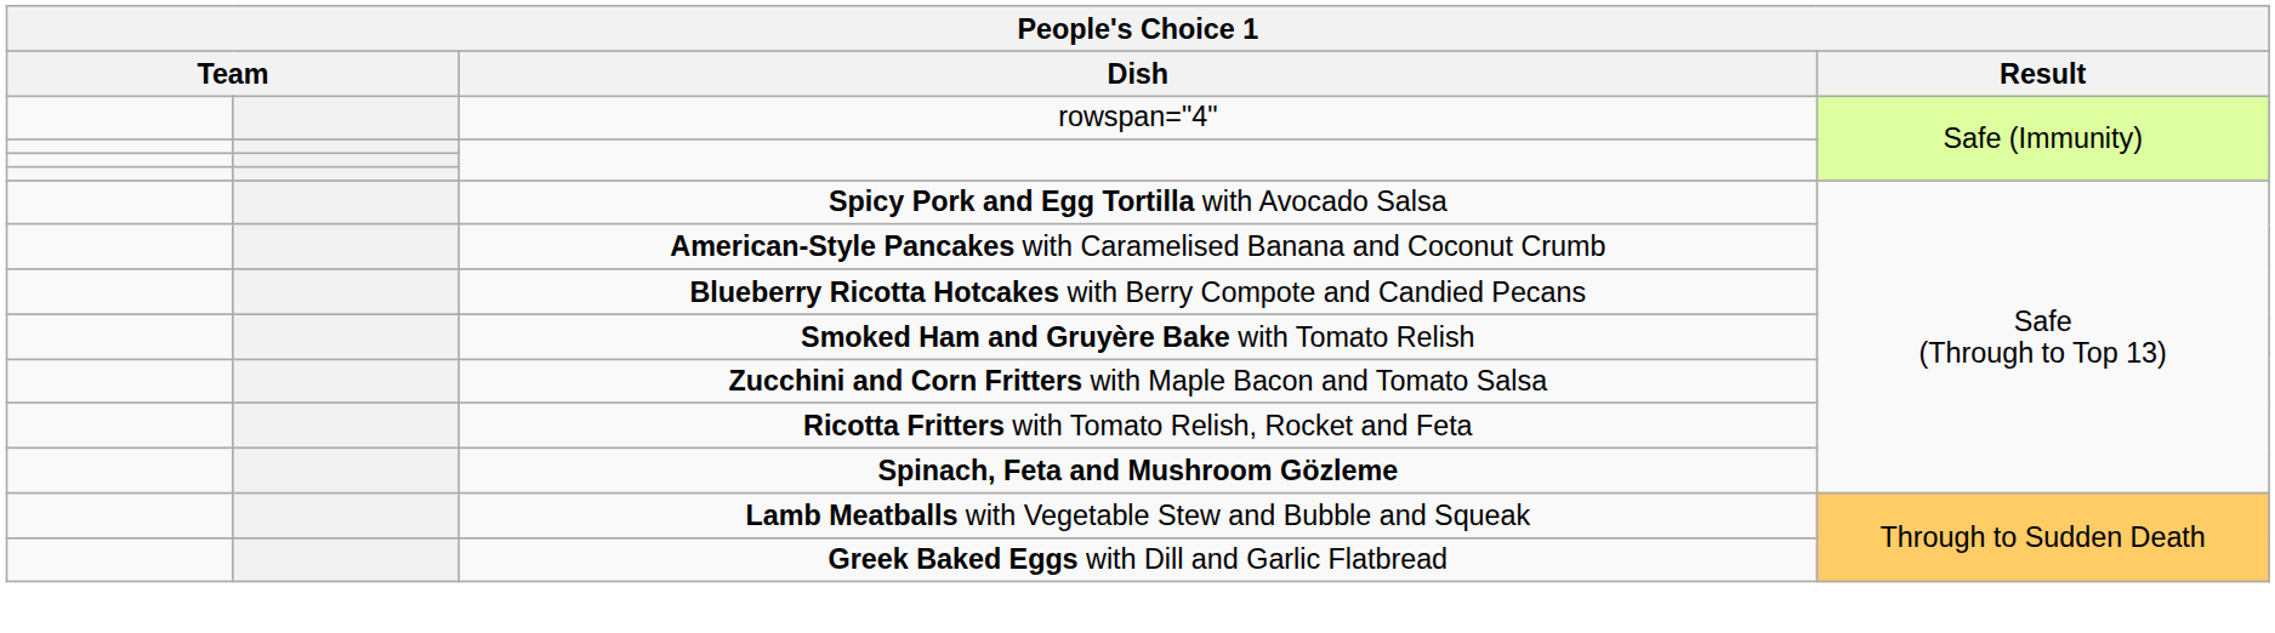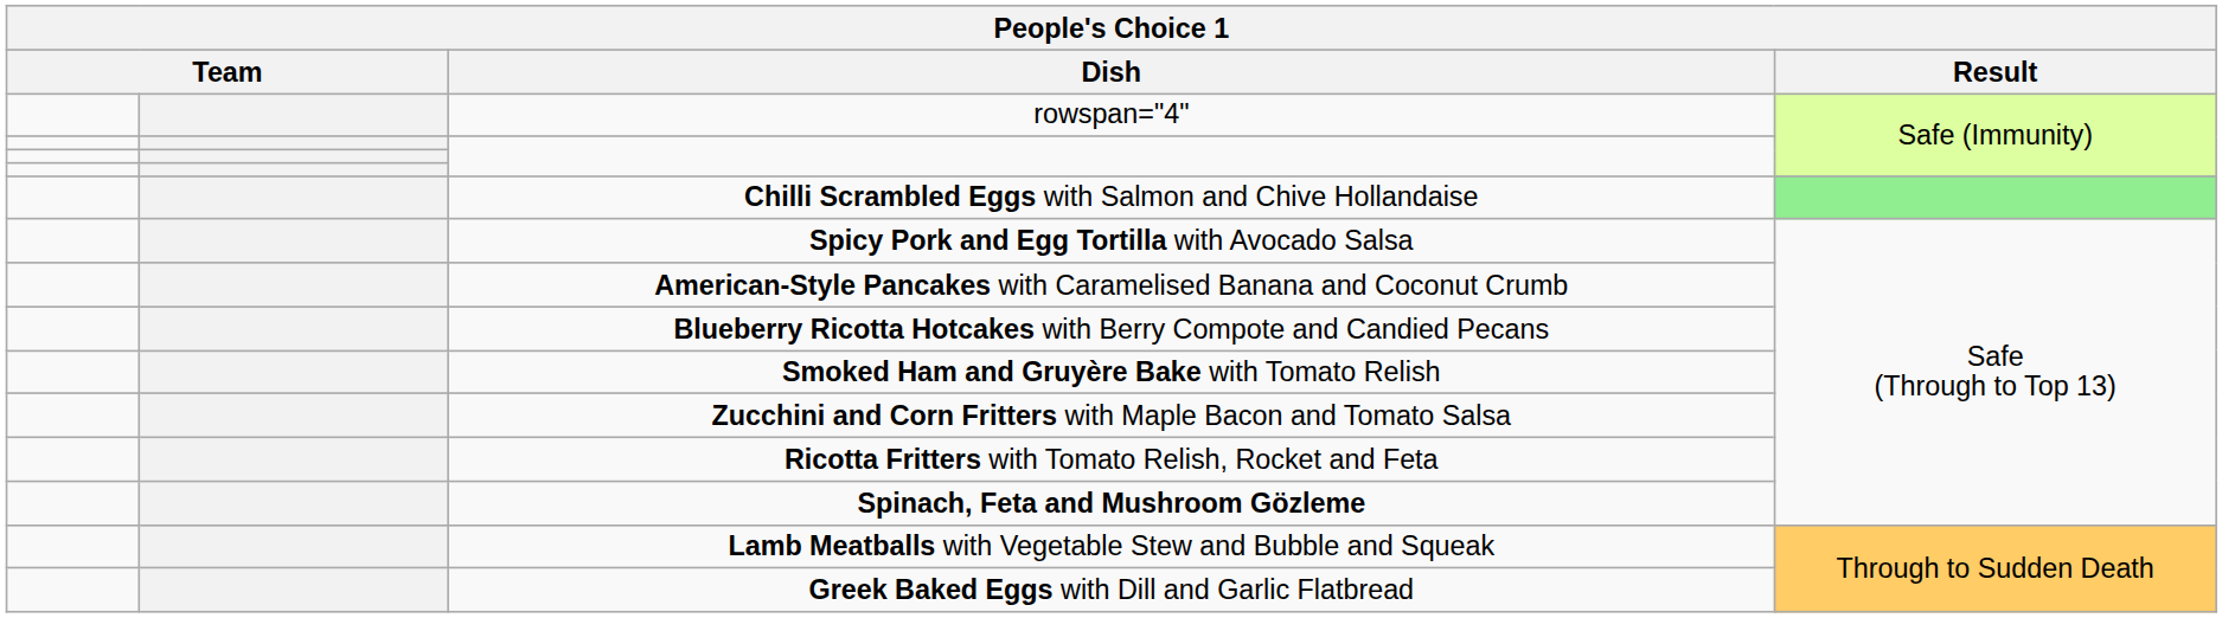 <table class="wikitable plainrowheaders" style="margin:1em auto; text-align:center; font-size:90%; width:80em;">
 <tr>
 <th colspan="4" >People's Choice 1</th>
 </tr>
 <tr>
 <th style="width:20%;" colspan="2">Team</th>
 <th style="width:60%;">Dish</th>
 <th style="width:20%;">Result</th>
 </tr>
 <tr>
 <td></td>
 <th></th>
 <td>rowspan="4" </td>
 <td rowspan="4" bgcolor="DDFF9F">Safe (Immunity)</td>
 </tr>
 <tr>
 <td></td>
 <th></th>
 </tr>
 <tr>
 <td></td>
 <th></th>
 </tr>
 <tr>
 <td></td>
 <th></th>
+</tr>
+<tr>
+<td></td>
+<th style="width:14%;"></th>
+<td><strong>Chilli Scrambled Eggs</strong> with Salmon and Chive Hollandaise</td>
+<td bgcolor="lightgreen"></td>
 </tr>
 <tr>
 <td></td>
 <th></th>
 <td><strong>Spicy Pork and Egg Tortilla</strong> with Avocado Salsa</td>
 <td rowspan="7">Safe <br>(Through to Top 13)</td>
 </tr>
 <tr>
 <td></td>
 <th></th>
 <td><strong>American-Style Pancakes</strong> with Caramelised Banana and Coconut Crumb</td>
 </tr>
 <tr>
 <td></td>
 <th></th>
 <td><strong>Blueberry Ricotta Hotcakes</strong> with Berry Compote and Candied Pecans</td>
 </tr>
 <tr>
 <td></td>
 <th></th>
 <td><strong>Smoked Ham and Gruyère Bake</strong> with Tomato Relish</td>
 </tr>
 <tr>
 <td></td>
 <th></th>
 <td><strong>Zucchini and Corn Fritters</strong> with Maple Bacon and Tomato Salsa</td>
 </tr>
 <tr>
 <td></td>
 <th></th>
 <td><strong>Ricotta Fritters</strong> with Tomato Relish, Rocket and Feta</td>
 </tr>
 <tr>
 <td></td>
 <th></th>
 <td><strong>Spinach, Feta and Mushroom Gözleme</strong></td>
 </tr>
 <tr>
 <td></td>
 <th></th>
 <td><strong>Lamb Meatballs</strong> with Vegetable Stew and Bubble and Squeak</td>
 <td rowspan="2" bgcolor="FFCC66">Through to Sudden Death</td>
 </tr>
 <tr>
 <td></td>
 <th></th>
 <td><strong>Greek Baked Eggs</strong> with Dill and Garlic Flatbread</td>
 </tr>
 </table>
